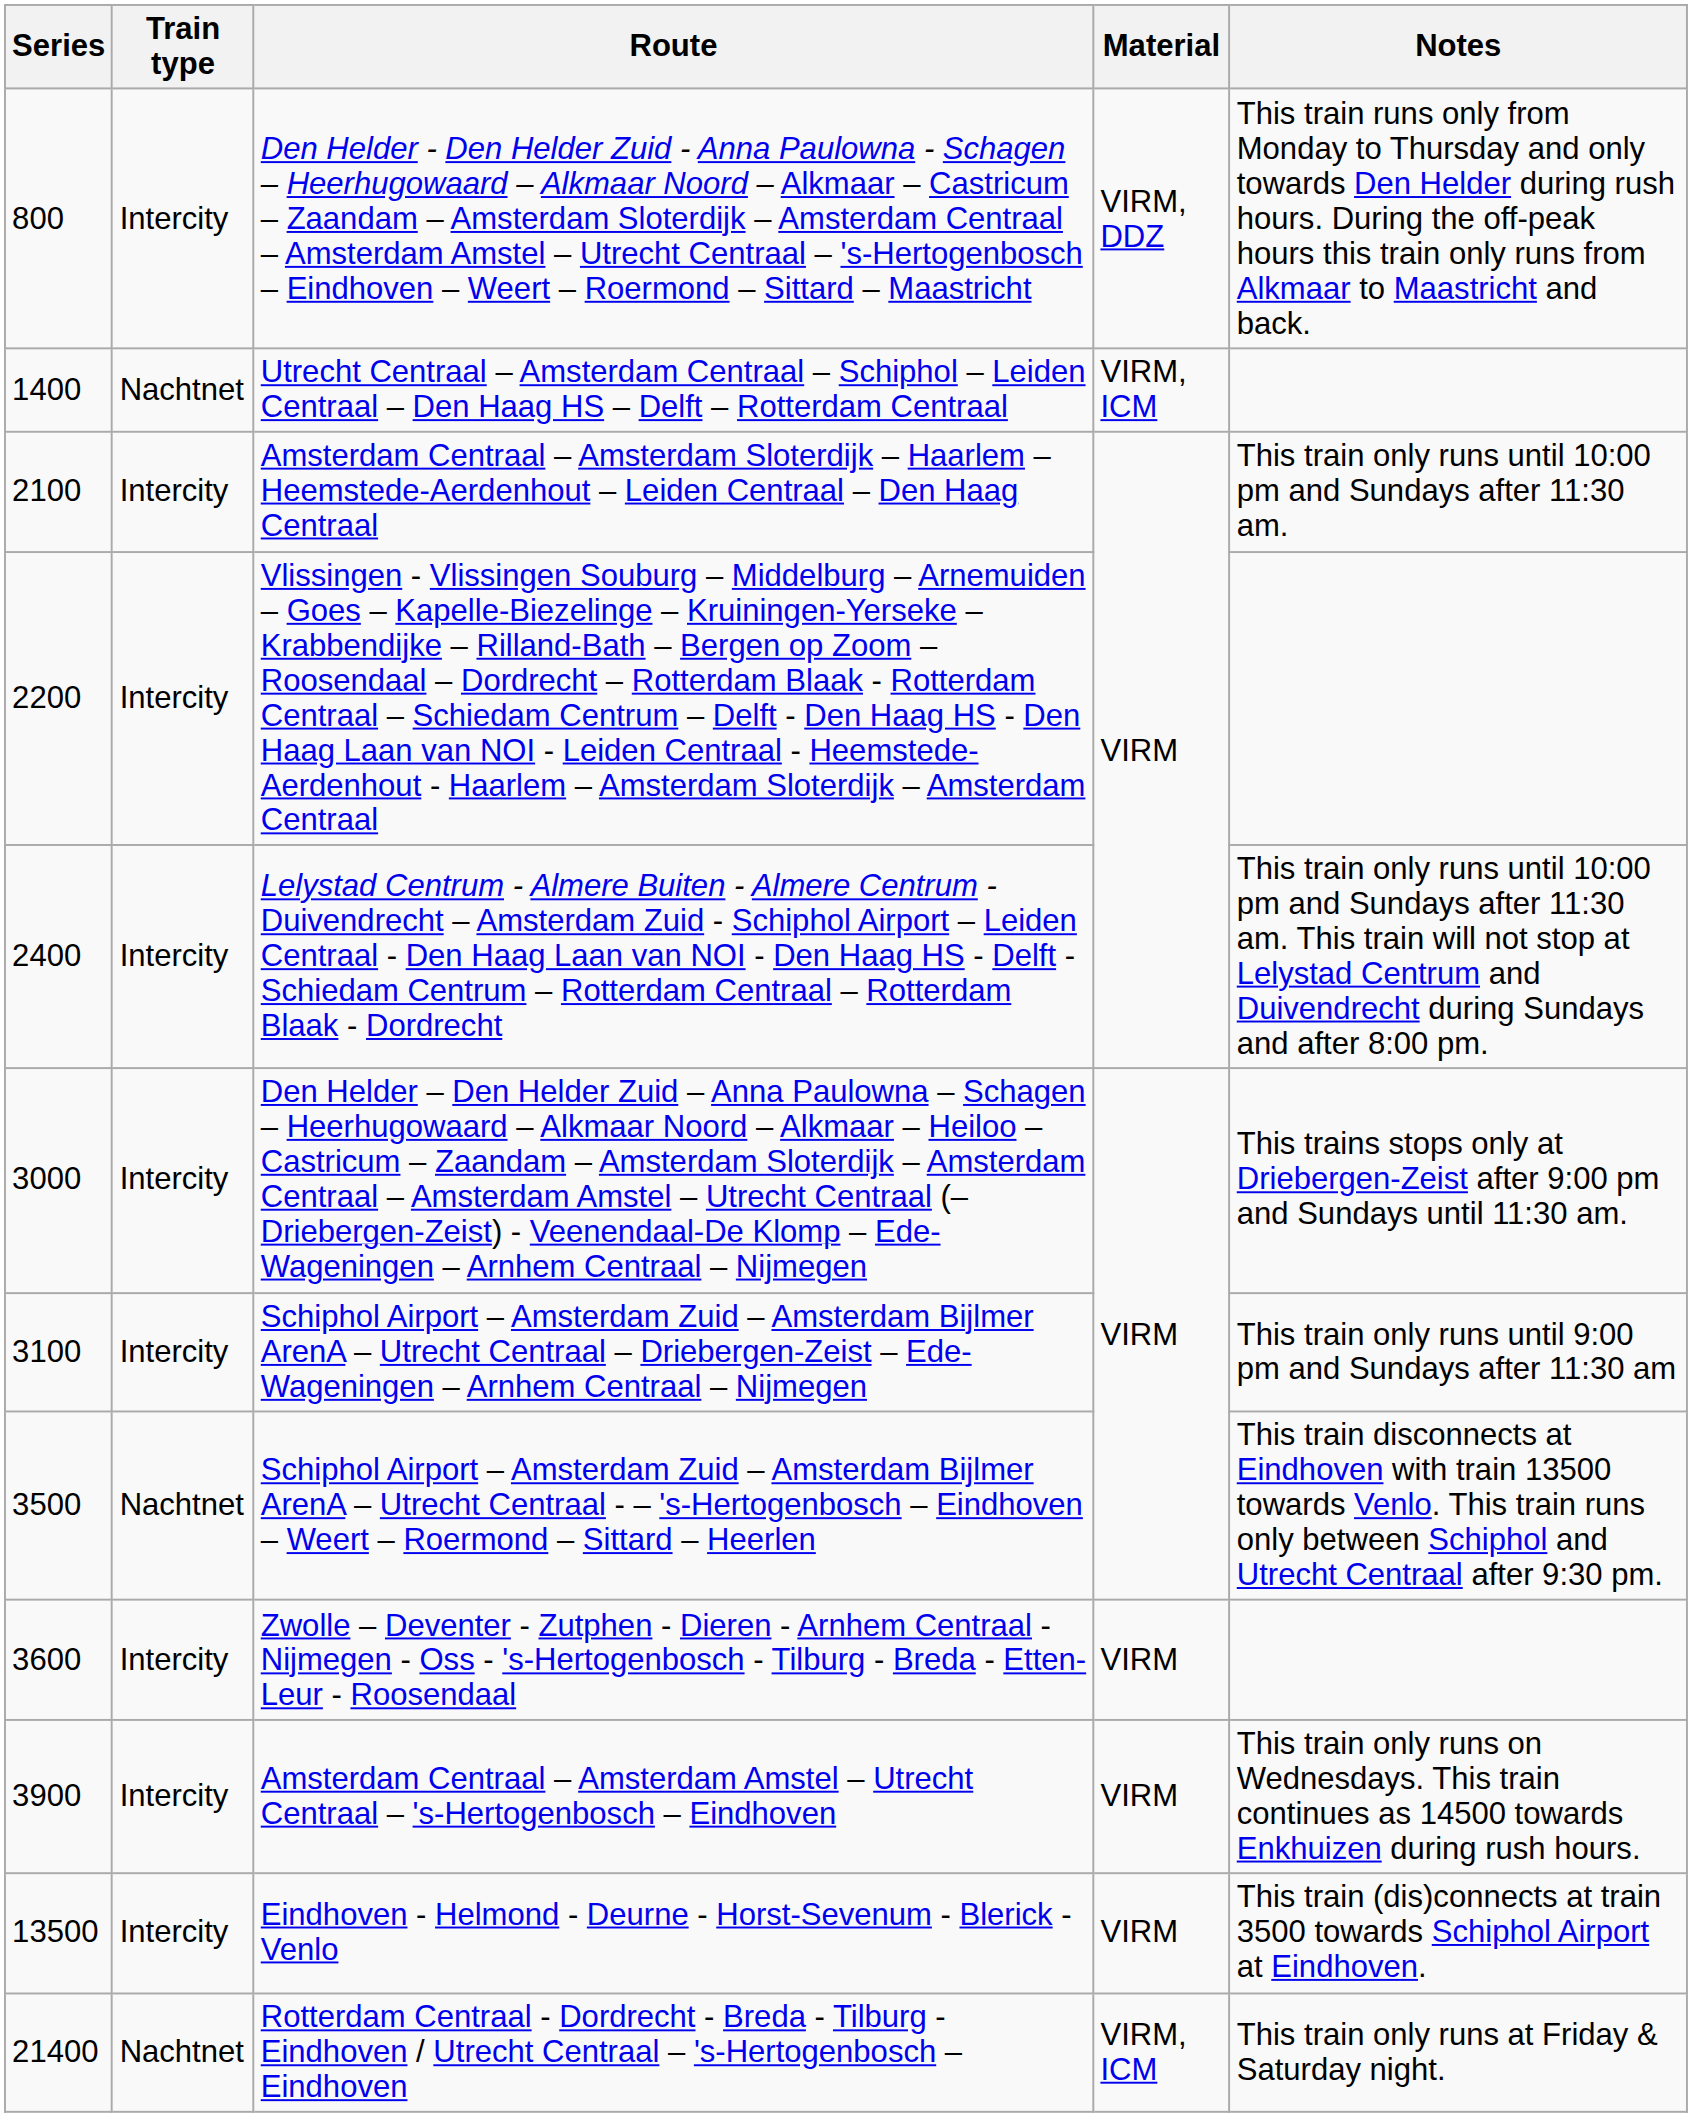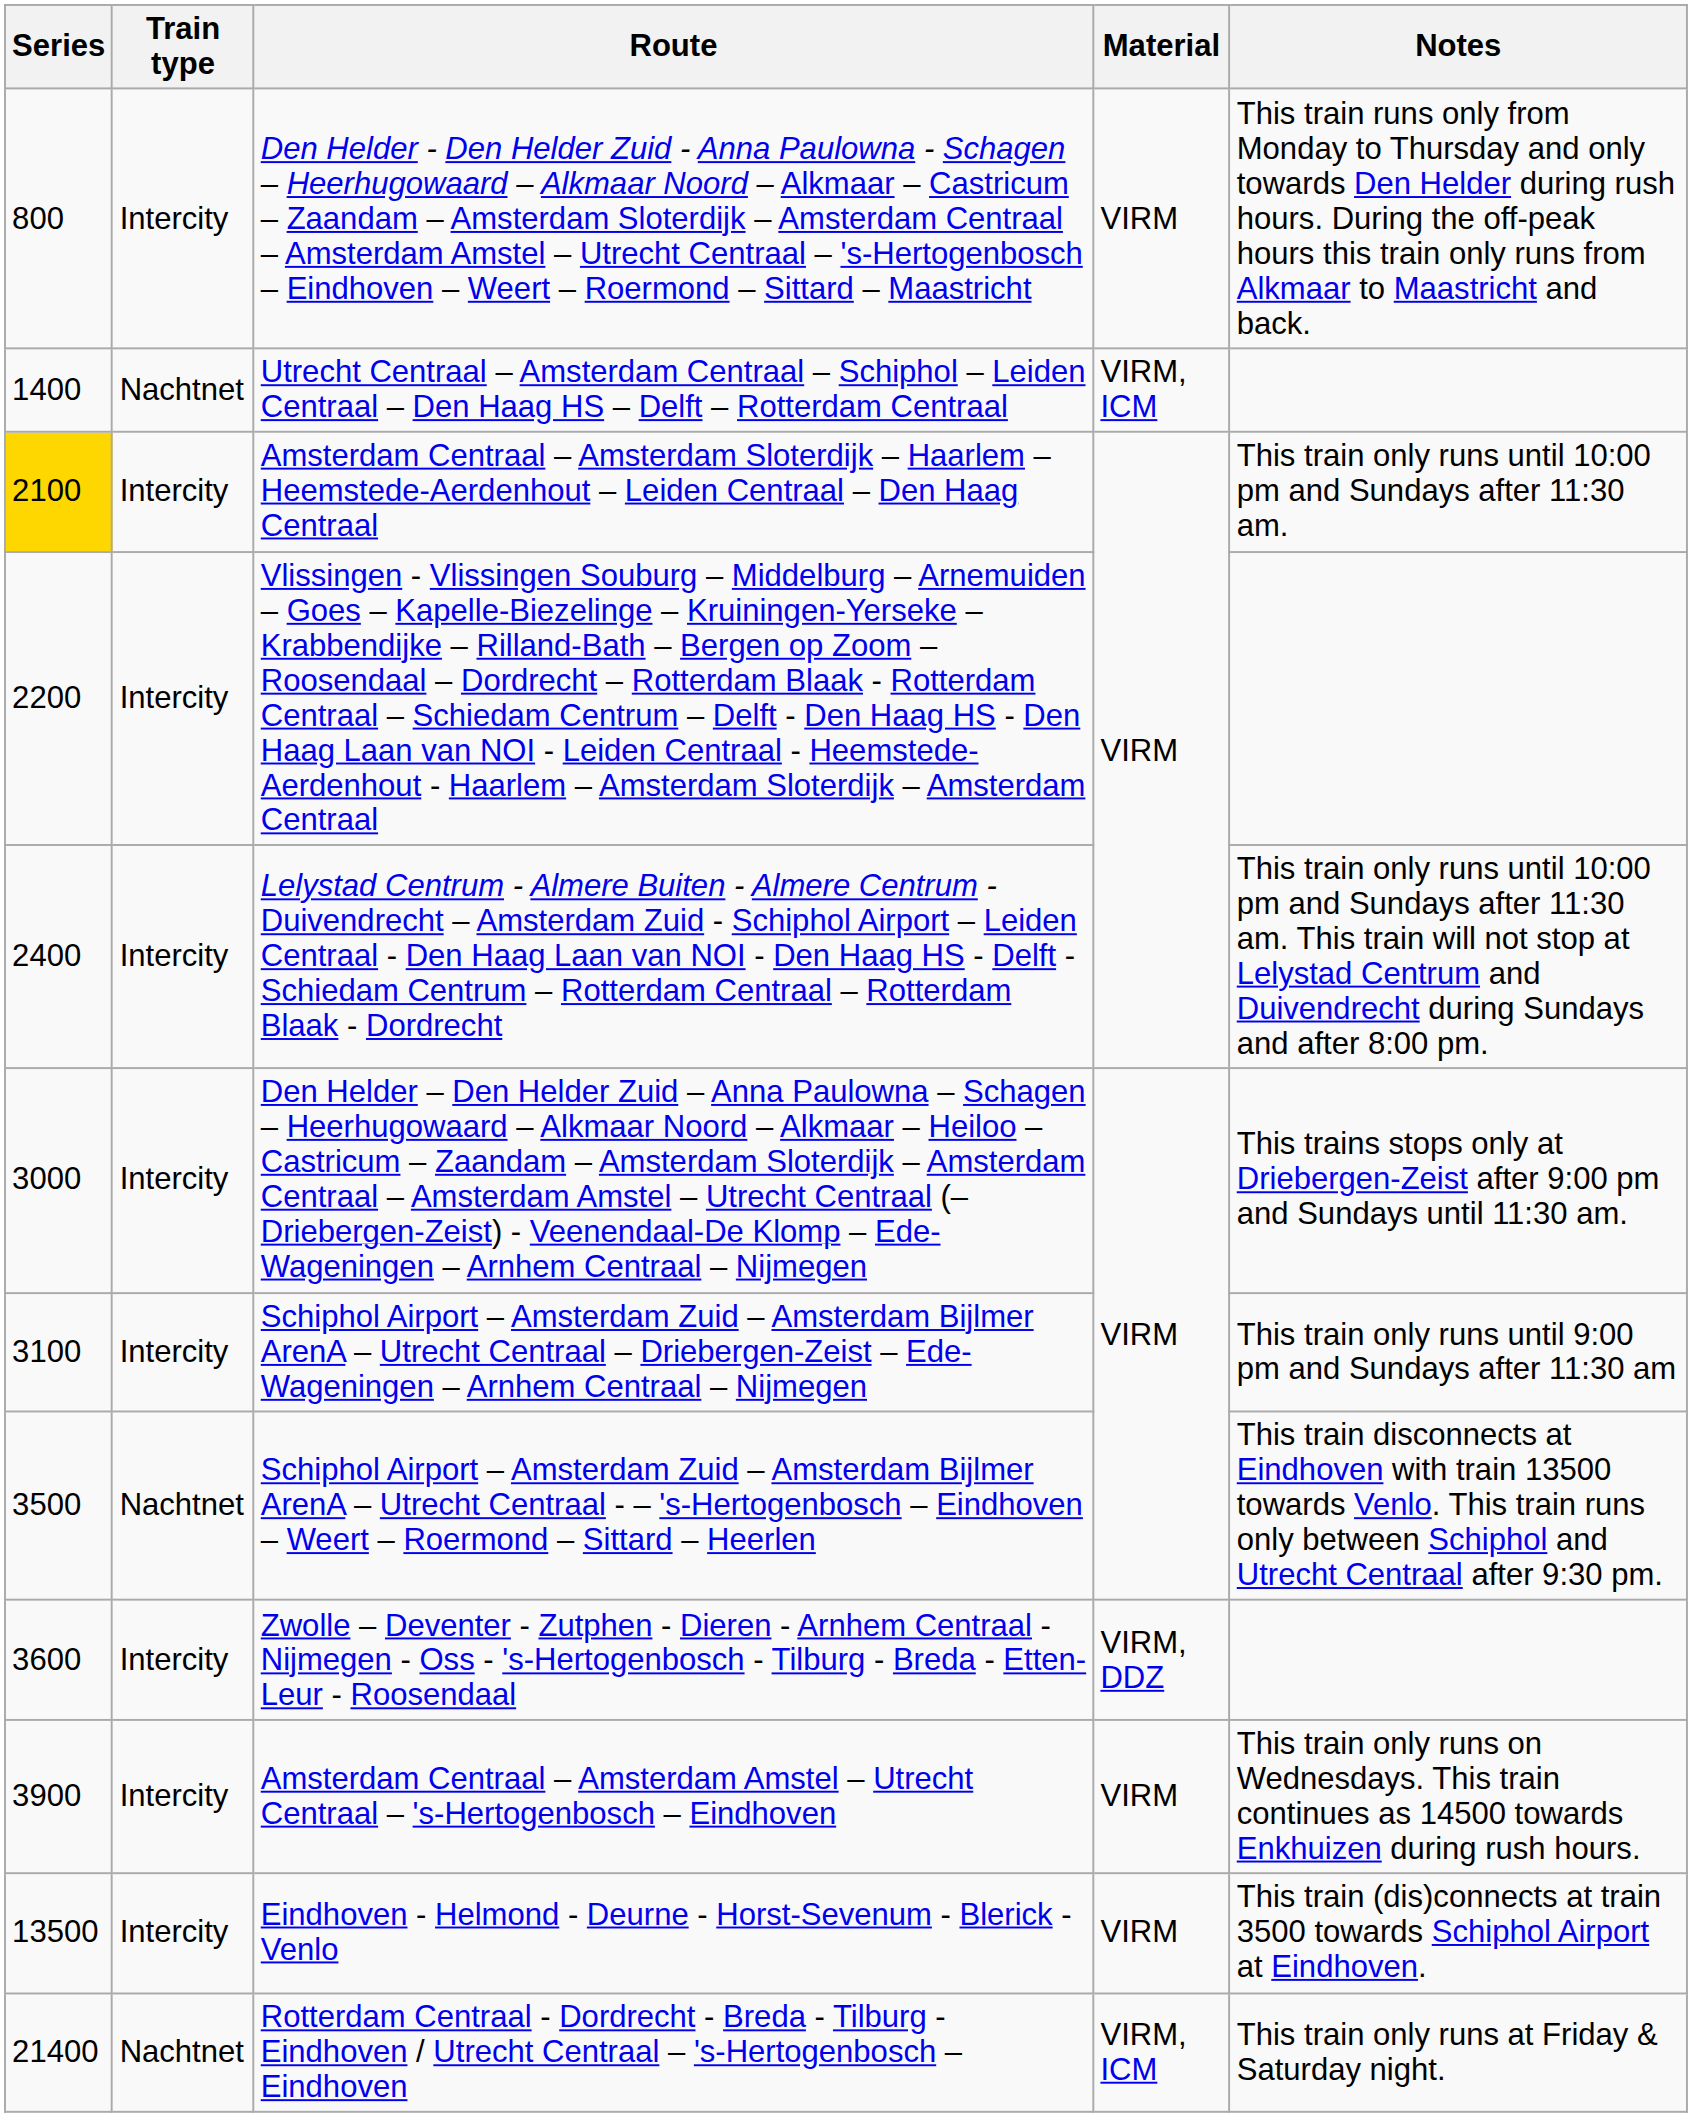 <table class="wikitable vatop">
 <tr>
 <th>Series</th>
 <th>Train type</th>
 <th>Route</th>
 <th>Material</th>
 <th>Notes</th>
 </tr>
 <tr>
 <td>800</td>
 <td>Intercity</td>
 <td><em><a href='#'>Den Helder</a> - <a href='#'>Den Helder Zuid</a> - <a href='#'>Anna Paulowna</a> - <a href='#'>Schagen</a> – <a href='#'>Heerhugowaard</a> – <a href='#'>Alkmaar Noord</a> –</em> <a href='#'>Alkmaar</a> – <a href='#'>Castricum</a> – <a href='#'>Zaandam</a> – <a href='#'>Amsterdam Sloterdijk</a> – <a href='#'>Amsterdam Centraal</a> – <a href='#'>Amsterdam Amstel</a> – <a href='#'>Utrecht Centraal</a> – <a href='#'>'s-Hertogenbosch</a> – <a href='#'>Eindhoven</a> – <a href='#'>Weert</a> – <a href='#'>Roermond</a> – <a href='#'>Sittard</a> – <a href='#'>Maastricht</a></td>
-<td>VIRM, <a href='#'>DDZ</a></td>
+<td>VIRM</td>
 <td>This train runs only from Monday to Thursday and only towards <a href='#'>Den Helder</a> during rush hours. During the off-peak hours this train only runs from <a href='#'>Alkmaar</a> to <a href='#'>Maastricht</a> and back.</td>
 </tr>
 <tr>
 <td>1400</td>
 <td>Nachtnet</td>
 <td><a href='#'>Utrecht Centraal</a> – <a href='#'>Amsterdam Centraal</a> – <a href='#'>Schiphol</a> – <a href='#'>Leiden Centraal</a> – <a href='#'>Den Haag HS</a> – <a href='#'>Delft</a> – <a href='#'>Rotterdam Centraal</a></td>
 <td>VIRM, <a href='#'>ICM</a></td>
 <td></td>
 </tr>
 <tr>
-<td>2100</td>
+<td style="background: gold;">2100</td>
 <td>Intercity</td>
 <td><a href='#'>Amsterdam Centraal</a> – <a href='#'>Amsterdam Sloterdijk</a> – <a href='#'>Haarlem</a> – <a href='#'>Heemstede-Aerdenhout</a> – <a href='#'>Leiden Centraal</a> – <a href='#'>Den Haag Centraal</a></td>
 <td rowspan="3">VIRM</td>
 <td>This train only runs until 10:00 pm and Sundays after 11:30 am.</td>
 </tr>
 <tr>
 <td>2200</td>
 <td>Intercity</td>
 <td><a href='#'>Vlissingen</a> - <a href='#'>Vlissingen Souburg</a> – <a href='#'>Middelburg</a> – <a href='#'>Arnemuiden</a> – <a href='#'>Goes</a> – <a href='#'>Kapelle-Biezelinge</a> – <a href='#'>Kruiningen-Yerseke</a> – <a href='#'>Krabbendijke</a> – <a href='#'>Rilland-Bath</a> – <a href='#'>Bergen op Zoom</a> – <a href='#'>Roosendaal</a> – <a href='#'>Dordrecht</a> – <a href='#'>Rotterdam Blaak</a> - <a href='#'>Rotterdam Centraal</a> – <a href='#'>Schiedam Centrum</a> – <a href='#'>Delft</a> - <a href='#'>Den Haag HS</a> - <a href='#'>Den Haag Laan van NOI</a> - <a href='#'>Leiden Centraal</a> - <a href='#'>Heemstede-Aerdenhout</a> - <a href='#'>Haarlem</a> – <a href='#'>Amsterdam Sloterdijk</a> – <a href='#'>Amsterdam Centraal</a></td>
 <td></td>
 </tr>
 <tr>
 <td>2400</td>
 <td>Intercity</td>
 <td><em><a href='#'>Lelystad Centrum</a> - <a href='#'>Almere Buiten</a> - <a href='#'>Almere Centrum</a> -</em> <a href='#'>Duivendrecht</a> – <a href='#'>Amsterdam Zuid</a> - <a href='#'>Schiphol Airport</a> – <a href='#'>Leiden Centraal</a> - <a href='#'>Den Haag Laan van NOI</a> - <a href='#'>Den Haag HS</a> - <a href='#'>Delft</a> - <a href='#'>Schiedam Centrum</a> – <a href='#'>Rotterdam Centraal</a> – <a href='#'>Rotterdam Blaak</a> - <a href='#'>Dordrecht</a></td>
 <td>This train only runs until 10:00 pm and Sundays after 11:30 am. This train will not stop at <a href='#'>Lelystad Centrum</a> and <a href='#'>Duivendrecht</a> during Sundays and after 8:00 pm.</td>
 </tr>
 <tr>
 <td>3000</td>
 <td>Intercity</td>
 <td><a href='#'>Den Helder</a> – <a href='#'>Den Helder Zuid</a> – <a href='#'>Anna Paulowna</a> – <a href='#'>Schagen</a> – <a href='#'>Heerhugowaard</a> – <a href='#'>Alkmaar Noord</a> – <a href='#'>Alkmaar</a> – <a href='#'>Heiloo</a> – <a href='#'>Castricum</a> – <a href='#'>Zaandam</a> – <a href='#'>Amsterdam Sloterdijk</a> – <a href='#'>Amsterdam Centraal</a> – <a href='#'>Amsterdam Amstel</a> – <a href='#'>Utrecht Centraal</a> (– <a href='#'>Driebergen-Zeist</a>) - <a href='#'>Veenendaal-De Klomp</a> – <a href='#'>Ede-Wageningen</a> – <a href='#'>Arnhem Centraal</a> – <a href='#'>Nijmegen</a></td>
 <td rowspan="3">VIRM</td>
 <td>This trains stops only at <a href='#'>Driebergen-Zeist</a> after 9:00 pm and Sundays until 11:30 am.</td>
 </tr>
 <tr>
 <td>3100</td>
 <td>Intercity</td>
 <td><a href='#'>Schiphol Airport</a> – <a href='#'>Amsterdam Zuid</a> – <a href='#'>Amsterdam Bijlmer ArenA</a> – <a href='#'>Utrecht Centraal</a> – <a href='#'>Driebergen-Zeist</a> – <a href='#'>Ede-Wageningen</a> – <a href='#'>Arnhem Centraal</a> – <a href='#'>Nijmegen</a></td>
 <td>This train only runs until 9:00 pm and Sundays after 11:30 am</td>
 </tr>
 <tr>
 <td>3500</td>
 <td>Nachtnet</td>
 <td><a href='#'>Schiphol Airport</a> – <a href='#'>Amsterdam Zuid</a> – <a href='#'>Amsterdam Bijlmer ArenA</a> – <a href='#'>Utrecht Centraal</a> -  – <a href='#'>'s-Hertogenbosch</a> – <a href='#'>Eindhoven</a> – <a href='#'>Weert</a> – <a href='#'>Roermond</a> – <a href='#'>Sittard</a> – <a href='#'>Heerlen</a></td>
 <td>This train disconnects at <a href='#'>Eindhoven</a> with train 13500 towards <a href='#'>Venlo</a>. This train runs only between <a href='#'>Schiphol</a> and <a href='#'>Utrecht Centraal</a> after 9:30 pm.</td>
 </tr>
 <tr>
 <td>3600</td>
 <td>Intercity</td>
 <td><a href='#'>Zwolle</a> – <a href='#'>Deventer</a> - <a href='#'>Zutphen</a> - <a href='#'>Dieren</a> - <a href='#'>Arnhem Centraal</a> - <a href='#'>Nijmegen</a> - <a href='#'>Oss</a> - <a href='#'>'s-Hertogenbosch</a> - <a href='#'>Tilburg</a> - <a href='#'>Breda</a> - <a href='#'>Etten-Leur</a> - <a href='#'>Roosendaal</a></td>
-<td>VIRM</td>
+<td>VIRM, <a href='#'>DDZ</a></td>
 <td></td>
 </tr>
 <tr>
 <td>3900</td>
 <td>Intercity</td>
 <td><a href='#'>Amsterdam Centraal</a> – <a href='#'>Amsterdam Amstel</a> – <a href='#'>Utrecht Centraal</a> – <a href='#'>'s-Hertogenbosch</a> – <a href='#'>Eindhoven</a></td>
 <td>VIRM</td>
 <td>This train only runs on Wednesdays. This train continues as 14500 towards <a href='#'>Enkhuizen</a> during rush hours.</td>
 </tr>
 <tr>
 <td>13500</td>
 <td>Intercity</td>
 <td><a href='#'>Eindhoven</a> - <a href='#'>Helmond</a> - <a href='#'>Deurne</a> - <a href='#'>Horst-Sevenum</a> - <a href='#'>Blerick</a> - <a href='#'>Venlo</a></td>
 <td>VIRM</td>
 <td>This train (dis)connects at train 3500 towards <a href='#'>Schiphol Airport</a> at <a href='#'>Eindhoven</a>.</td>
 </tr>
 <tr>
 <td>21400</td>
 <td>Nachtnet</td>
 <td><a href='#'>Rotterdam Centraal</a> - <a href='#'>Dordrecht</a> - <a href='#'>Breda</a> - <a href='#'>Tilburg</a> - <a href='#'>Eindhoven</a> / <a href='#'>Utrecht Centraal</a> – <a href='#'>'s-Hertogenbosch</a> – <a href='#'>Eindhoven</a></td>
 <td>VIRM, <a href='#'>ICM</a></td>
 <td>This train only runs at Friday & Saturday night.</td>
 </tr>
 </table>
